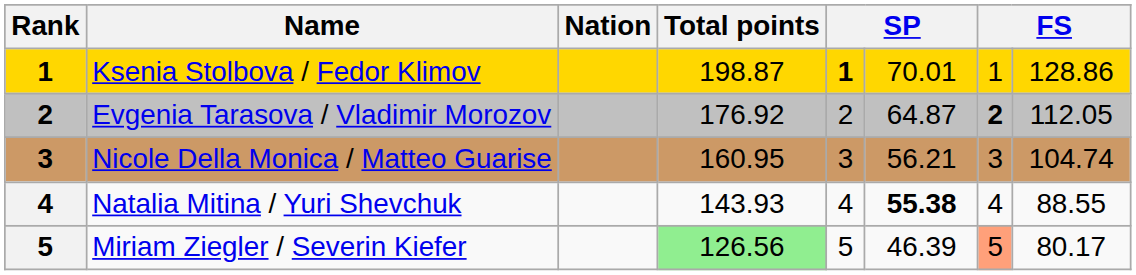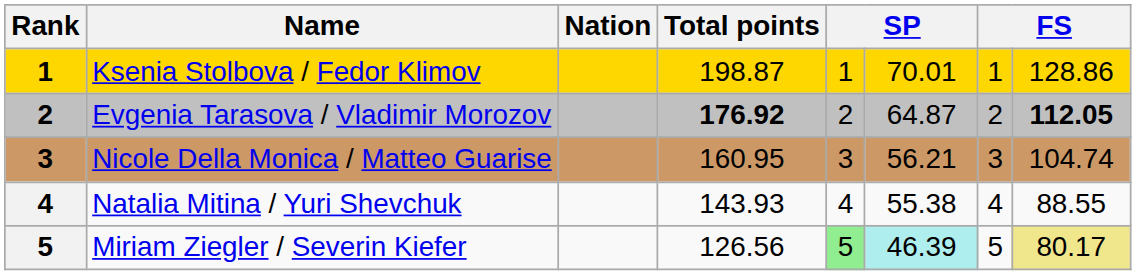 <table class="wikitable sortable">
 <tr>
 <th>Rank</th>
 <th>Name</th>
 <th>Nation</th>
 <th>Total points</th>
 <th colspan="2" width="80px"><a href='#'>SP</a></th>
 <th colspan="2" width="80px"><a href='#'>FS</a></th>
 </tr>
 <tr style="background-color: gold">
 <td style="text-align: center"><strong>1</strong></td>
 <td><a href='#'>Ksenia Stolbova</a> / <a href='#'>Fedor Klimov</a></td>
 <td></td>
 <td style="text-align: center">198.87</td>
-<td style="text-align: center"><strong>1</strong></td>
+<td style="text-align: center">1</td>
 <td style="text-align: center">70.01</td>
 <td style="text-align: center">1</td>
 <td style="text-align: center">128.86</td>
 </tr>
 <tr style="background-color: silver">
 <td style="text-align: center"><strong>2</strong></td>
 <td><a href='#'>Evgenia Tarasova</a> / <a href='#'>Vladimir Morozov</a></td>
 <td></td>
-<td style="text-align: center">176.92</td>
+<td style="text-align: center"><strong>176.92</strong></td>
 <td style="text-align: center">2</td>
 <td style="text-align: center">64.87</td>
-<td style="text-align: center"><strong>2</strong></td>
-<td style="text-align: center">112.05</td>
+<td style="text-align: center">2</td>
+<td style="text-align: center"><strong>112.05</strong></td>
 </tr>
 <tr style="background-color: #cc9966">
 <td style="text-align: center"><strong>3</strong></td>
 <td><a href='#'>Nicole Della Monica</a> / <a href='#'>Matteo Guarise</a></td>
 <td></td>
 <td style="text-align: center">160.95</td>
 <td style="text-align: center">3</td>
 <td style="text-align: center">56.21</td>
 <td style="text-align: center">3</td>
 <td style="text-align: center">104.74</td>
 </tr>
 <tr>
 <th>4</th>
 <td><a href='#'>Natalia Mitina</a> / <a href='#'>Yuri Shevchuk</a></td>
 <td></td>
 <td style="text-align: center">143.93</td>
 <td style="text-align: center">4</td>
-<td style="text-align: center"><strong>55.38</strong></td>
+<td style="text-align: center">55.38</td>
 <td style="text-align: center">4</td>
 <td style="text-align: center">88.55</td>
 </tr>
 <tr>
 <th>5</th>
 <td><a href='#'>Miriam Ziegler</a> / <a href='#'>Severin Kiefer</a></td>
 <td></td>
-<td style="background: lightgreen; text-align: center">126.56</td>
+<td style="text-align: center">126.56</td>
+<td style="background: lightgreen; text-align: center">5</td>
+<td style="background: paleturquoise; text-align: center">46.39</td>
 <td style="text-align: center">5</td>
-<td style="text-align: center">46.39</td>
-<td style="background: lightsalmon; text-align: center">5</td>
-<td style="text-align: center">80.17</td>
+<td style="background: khaki; text-align: center">80.17</td>
 </tr>
 </table>
